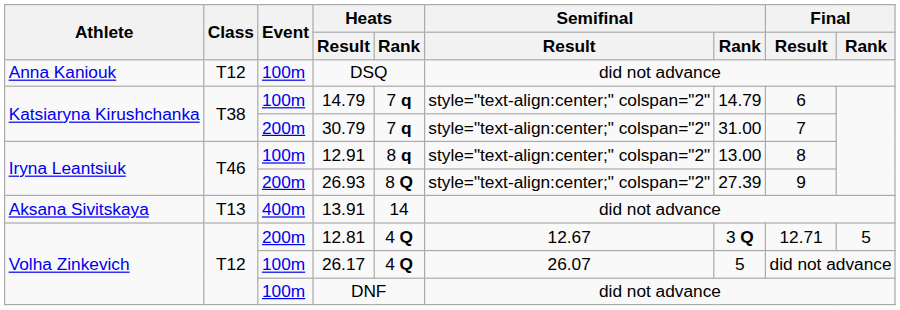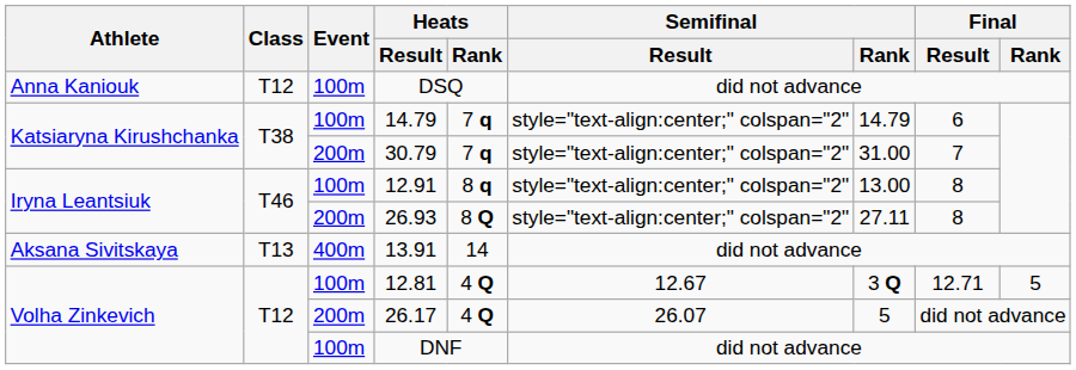 <table class=wikitable style="font-size:90%">
 <tr>
 <th rowspan="2">Athlete</th>
 <th rowspan="2">Class</th>
 <th rowspan="2">Event</th>
 <th colspan="2">Heats</th>
 <th colspan="2">Semifinal</th>
 <th colspan="2">Final</th>
 </tr>
 <tr>
 <th>Result</th>
 <th>Rank</th>
 <th>Result</th>
 <th>Rank</th>
 <th>Result</th>
 <th>Rank</th>
 </tr>
 <tr>
 <td><a href='#'>Anna Kaniouk</a></td>
 <td style="text-align:center;">T12</td>
 <td><a href='#'>100m</a></td>
 <td style="text-align:center;" colspan="2">DSQ</td>
 <td style="text-align:center;" colspan="4">did not advance</td>
 </tr>
 <tr>
 <td rowspan="2"><a href='#'>Katsiaryna Kirushchanka</a></td>
 <td rowspan="2" style="text-align:center;">T38</td>
 <td><a href='#'>100m</a></td>
 <td style="text-align:center;">14.79</td>
 <td style="text-align:center;">7 <strong>q</strong></td>
 <td>style="text-align:center;" colspan="2" </td>
 <td style="text-align:center;">14.79</td>
 <td style="text-align:center;">6</td>
 </tr>
 <tr>
 <td><a href='#'>200m</a></td>
 <td style="text-align:center;">30.79</td>
 <td style="text-align:center;">7 <strong>q</strong></td>
 <td>style="text-align:center;" colspan="2" </td>
 <td style="text-align:center;">31.00</td>
 <td style="text-align:center;">7</td>
 </tr>
 <tr>
 <td rowspan="2"><a href='#'>Iryna Leantsiuk</a></td>
 <td rowspan="2" style="text-align:center;">T46</td>
 <td><a href='#'>100m</a></td>
 <td style="text-align:center;">12.91</td>
 <td style="text-align:center;">8 <strong>q</strong></td>
 <td>style="text-align:center;" colspan="2" </td>
 <td style="text-align:center;">13.00</td>
 <td style="text-align:center;">8</td>
 </tr>
 <tr>
 <td><a href='#'>200m</a></td>
 <td style="text-align:center;">26.93</td>
 <td style="text-align:center;">8 <strong>Q</strong></td>
 <td>style="text-align:center;" colspan="2" </td>
-<td style="text-align:center;">27.39</td>
-<td style="text-align:center;">9</td>
+<td style="text-align:center;">27.11</td>
+<td style="text-align:center;">8</td>
 </tr>
 <tr>
 <td><a href='#'>Aksana Sivitskaya</a></td>
 <td style="text-align:center;">T13</td>
 <td><a href='#'>400m</a></td>
 <td style="text-align:center;">13.91</td>
 <td style="text-align:center;">14</td>
 <td style="text-align:center;" colspan="4">did not advance</td>
 </tr>
 <tr>
 <td rowspan="3"><a href='#'>Volha Zinkevich</a></td>
 <td rowspan="3" style="text-align:center;">T12</td>
-<td><a href='#'>200m</a></td>
+<td><a href='#'>100m</a></td>
 <td style="text-align:center;">12.81</td>
 <td style="text-align:center;">4 <strong>Q</strong></td>
 <td style="text-align:center;">12.67</td>
 <td style="text-align:center;">3 <strong>Q</strong></td>
 <td style="text-align:center;">12.71</td>
 <td style="text-align:center;">5</td>
 </tr>
 <tr>
-<td><a href='#'>100m</a></td>
+<td><a href='#'>200m</a></td>
 <td style="text-align:center;">26.17</td>
 <td style="text-align:center;">4 <strong>Q</strong></td>
 <td style="text-align:center;">26.07</td>
 <td style="text-align:center;">5</td>
 <td style="text-align:center;" colspan="2">did not advance</td>
 </tr>
 <tr>
 <td><a href='#'>100m</a></td>
 <td style="text-align:center;" colspan="2">DNF</td>
 <td style="text-align:center;" colspan="4">did not advance</td>
 </tr>
 </table>
